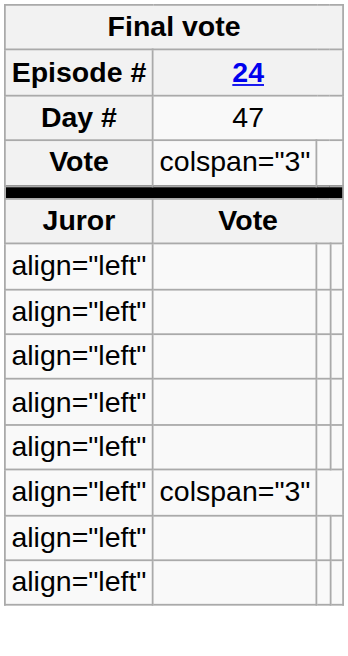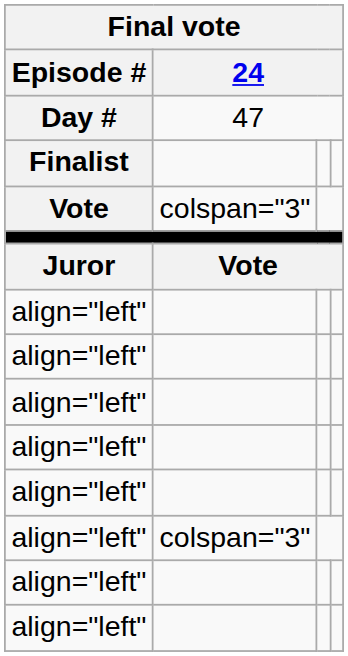 <table class="wikitable nowrap" style="text-align:center; font-size:100%">
 <tr>
 <th colspan="4">Final vote</th>
 </tr>
 <tr>
 <th>Episode #</th>
 <th colspan="3"><a href='#'>24</a></th>
 </tr>
 <tr>
 <th>Day #</th>
 <td colspan="3">47</td>
+</tr>
+<tr>
+<th>Finalist</th>
+<td></td>
+<td></td>
+<td></td>
 </tr>
 <tr>
 <th>Vote</th>
 <td>colspan="3" </td>
 </tr>
 <tr>
 <td colspan="4" bgcolor="black"></td>
 </tr>
 <tr>
 <th>Juror</th>
 <th colspan="3">Vote</th>
 </tr>
 <tr>
 <td>align="left" </td>
 <td></td>
 <td></td>
 <td></td>
 </tr>
 <tr>
 <td>align="left" </td>
 <td></td>
 <td></td>
 <td></td>
 </tr>
 <tr>
 <td>align="left" </td>
 <td></td>
 <td></td>
 <td></td>
 </tr>
 <tr>
 <td>align="left" </td>
 <td></td>
 <td></td>
 <td></td>
 </tr>
 <tr>
 <td>align="left" </td>
 <td></td>
 <td></td>
 <td></td>
 </tr>
 <tr>
 <td>align="left" </td>
 <td>colspan="3" </td>
 </tr>
 <tr>
 <td>align="left" </td>
 <td></td>
 <td></td>
 <td></td>
 </tr>
 <tr>
 <td>align="left" </td>
 <td></td>
 <td></td>
 <td></td>
 </tr>
 </table>
